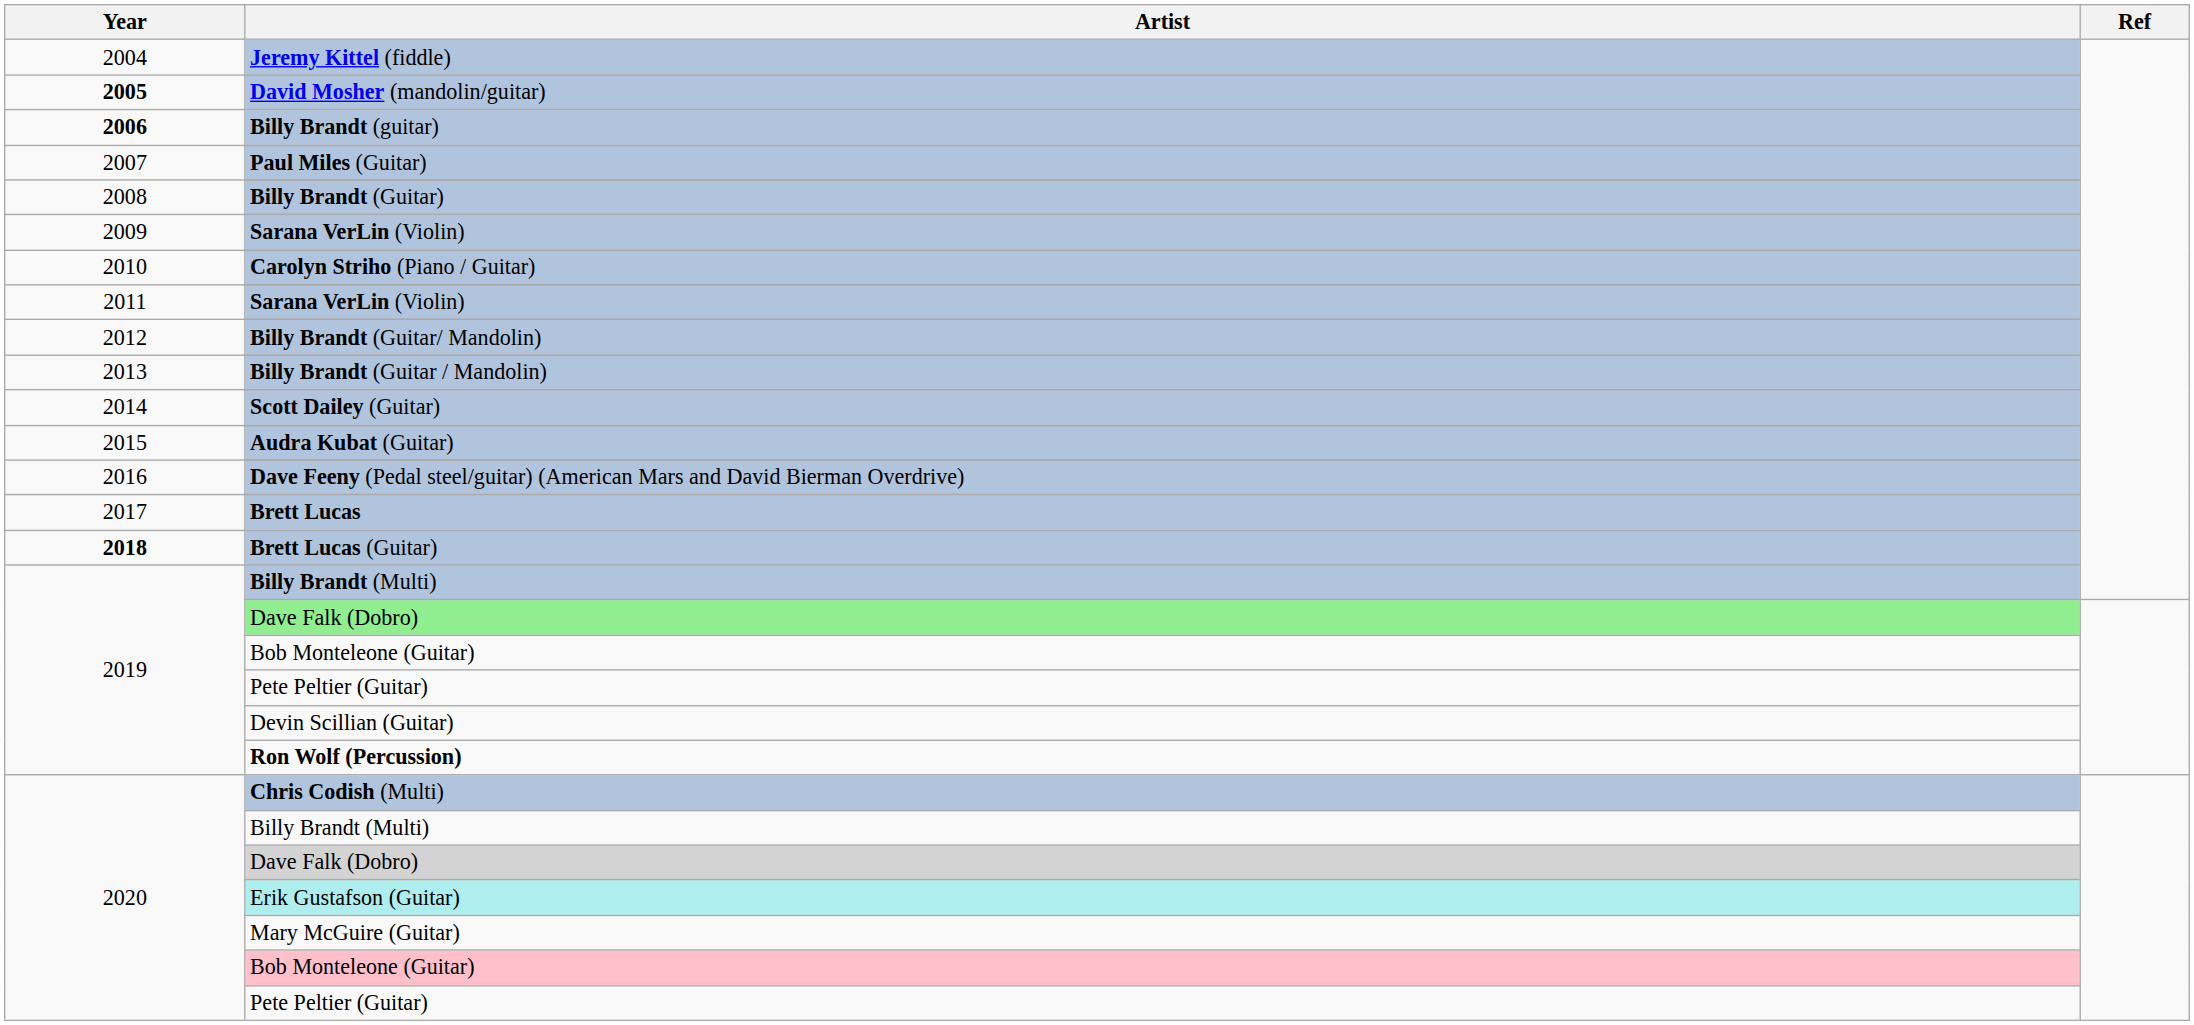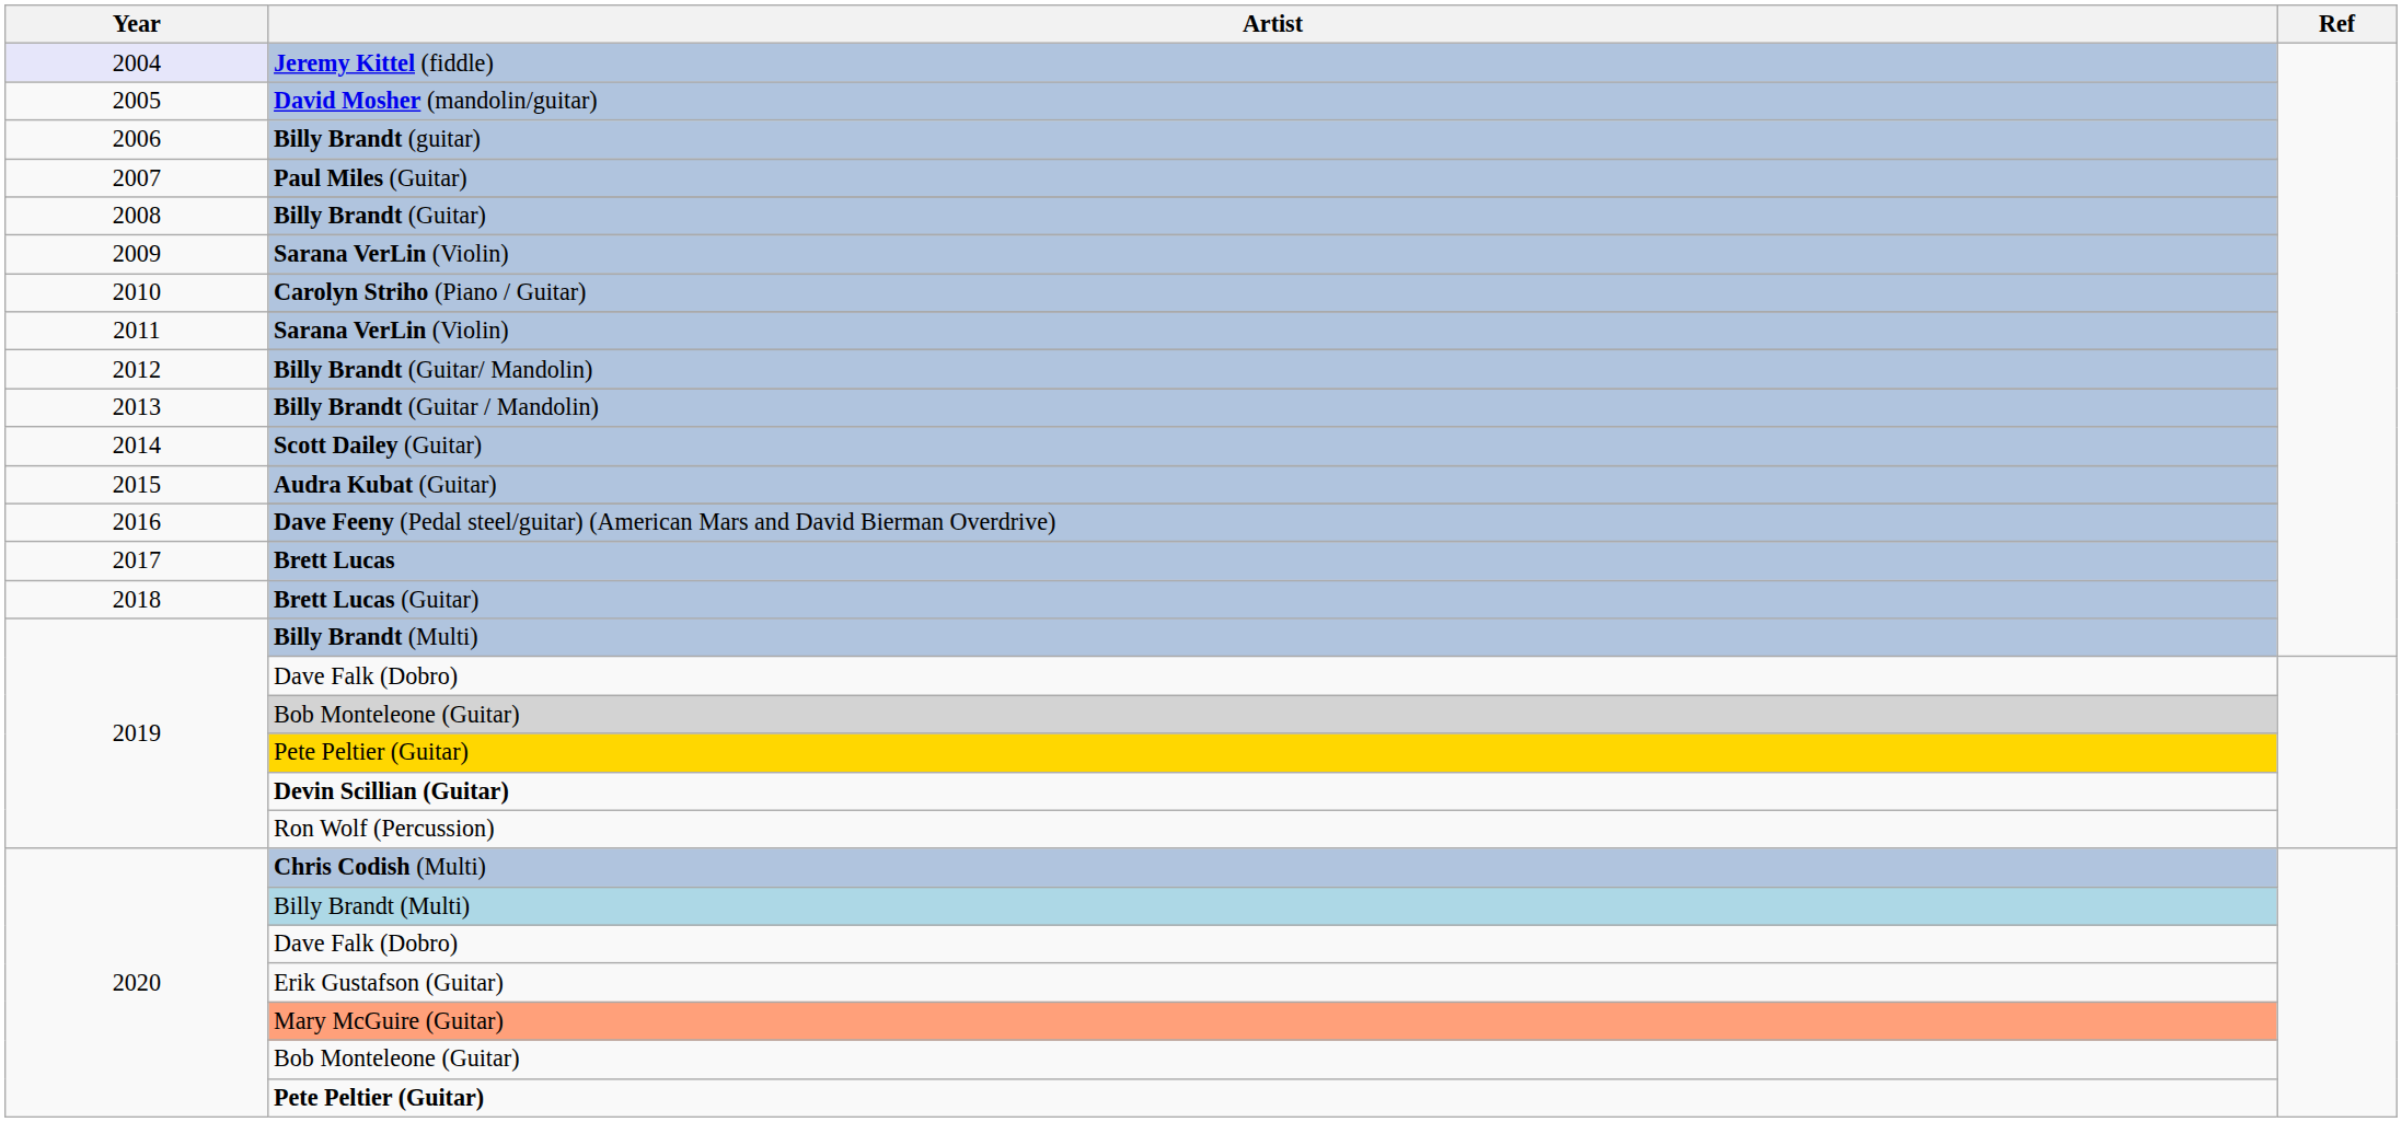 <table class="wikitable" style="width:100%;">
 <tr>
 <th style="width:11%;">Year</th>
 <th style="width:84%;">Artist</th>
 <th style="width:5%;">Ref</th>
 </tr>
 <tr>
-<td align="center">2004</td>
+<td align="center" style="background: lavender;">2004</td>
 <td style="background:#B0C4DE"><strong><a href='#'>Jeremy Kittel</a></strong> (fiddle)</td>
 <td rowspan="27"></td>
 </tr>
 <tr>
-<td align="center"><strong>2005</strong></td>
+<td align="center">2005</td>
 <td style="background:#B0C4DE"><strong><a href='#'>David Mosher</a></strong> (mandolin/guitar)</td>
 </tr>
 <tr>
-<td align="center"><strong>2006</strong></td>
+<td align="center">2006</td>
 <td style="background:#B0C4DE"><strong>Billy Brandt</strong> (guitar)</td>
 </tr>
 <tr>
 <td rowspan="2" align="center">2007</td>
 </tr>
 <tr style="background:#B0C4DE">
 <td><strong>Paul Miles</strong> (Guitar)</td>
 </tr>
 <tr>
 <td rowspan="2" align="center">2008</td>
 </tr>
 <tr style="background:#B0C4DE">
 <td><strong>Billy Brandt</strong> (Guitar)</td>
 </tr>
 <tr>
 <td rowspan="2" align="center">2009</td>
 </tr>
 <tr style="background:#B0C4DE">
 <td><strong>Sarana VerLin</strong> (Violin)</td>
 </tr>
 <tr>
 <td rowspan="2" align="center">2010</td>
 </tr>
 <tr style="background:#B0C4DE">
 <td><strong>Carolyn Striho</strong> (Piano / Guitar)</td>
 </tr>
 <tr>
 <td rowspan="2" align="center">2011</td>
 </tr>
 <tr style="background:#B0C4DE">
 <td><strong>Sarana VerLin</strong> (Violin)</td>
 </tr>
 <tr>
 <td rowspan="2" align="center">2012</td>
 </tr>
 <tr style="background:#B0C4DE">
 <td><strong>Billy Brandt</strong> (Guitar/ Mandolin)</td>
 </tr>
 <tr>
 <td rowspan="2" align="center">2013</td>
 </tr>
 <tr style="background:#B0C4DE">
 <td><strong>Billy Brandt</strong> (Guitar / Mandolin)</td>
 </tr>
 <tr>
 <td rowspan="2" align="center">2014</td>
 </tr>
 <tr style="background:#B0C4DE">
 <td><strong>Scott Dailey</strong> (Guitar)</td>
 </tr>
 <tr>
 <td rowspan="2" align="center">2015</td>
 </tr>
 <tr style="background:#B0C4DE">
 <td><strong>Audra Kubat</strong> (Guitar)</td>
 </tr>
 <tr>
 <td rowspan="2" align="center">2016</td>
 </tr>
 <tr style="background:#B0C4DE">
 <td><strong>Dave Feeny</strong> (Pedal steel/guitar) (American Mars and David Bierman Overdrive)</td>
 </tr>
 <tr>
 <td rowspan="2" align="center">2017</td>
 </tr>
 <tr style="background:#B0C4DE">
 <td><strong>Brett Lucas</strong></td>
 </tr>
 <tr>
-<td align="center"><strong>2018</strong></td>
+<td align="center">2018</td>
 <td style="background:#B0C4DE"><strong>Brett Lucas</strong> (Guitar)</td>
 </tr>
 <tr>
 <td rowspan="6" align="center">2019</td>
 <td style="background:#B0C4DE"><strong>Billy Brandt</strong> (Multi)</td>
 </tr>
 <tr>
-<td style="background: lightgreen;">Dave Falk (Dobro)</td>
+<td>Dave Falk (Dobro)</td>
 <td rowspan="5"></td>
 </tr>
 <tr>
-<td>Bob Monteleone (Guitar)</td>
+<td style="background: lightgrey;">Bob Monteleone (Guitar)</td>
 </tr>
 <tr>
-<td>Pete Peltier (Guitar)</td>
+<td style="background: gold;">Pete Peltier (Guitar)</td>
 </tr>
 <tr>
-<td>Devin Scillian (Guitar)</td>
+<td><strong>Devin Scillian (Guitar)</strong></td>
 </tr>
 <tr>
-<td><strong>Ron Wolf (Percussion)</strong></td>
+<td>Ron Wolf (Percussion)</td>
 </tr>
 <tr>
 <td rowspan="7" align="center">2020</td>
 <td style="background:#B0C4DE"><strong>Chris Codish</strong> (Multi)</td>
 <td rowspan="7"></td>
 </tr>
 <tr>
-<td>Billy Brandt (Multi)</td>
+<td style="background: lightblue;">Billy Brandt (Multi)</td>
 </tr>
 <tr>
-<td style="background: lightgrey;">Dave Falk (Dobro)</td>
+<td>Dave Falk (Dobro)</td>
 </tr>
 <tr>
-<td style="background: paleturquoise;">Erik Gustafson (Guitar)</td>
+<td>Erik Gustafson (Guitar)</td>
 </tr>
 <tr>
-<td>Mary McGuire (Guitar)</td>
+<td style="background: lightsalmon;">Mary McGuire (Guitar)</td>
 </tr>
 <tr>
-<td style="background: pink;">Bob Monteleone (Guitar)</td>
+<td>Bob Monteleone (Guitar)</td>
 </tr>
 <tr>
-<td>Pete Peltier (Guitar)</td>
+<td><strong>Pete Peltier (Guitar)</strong></td>
 </tr>
 </table>
